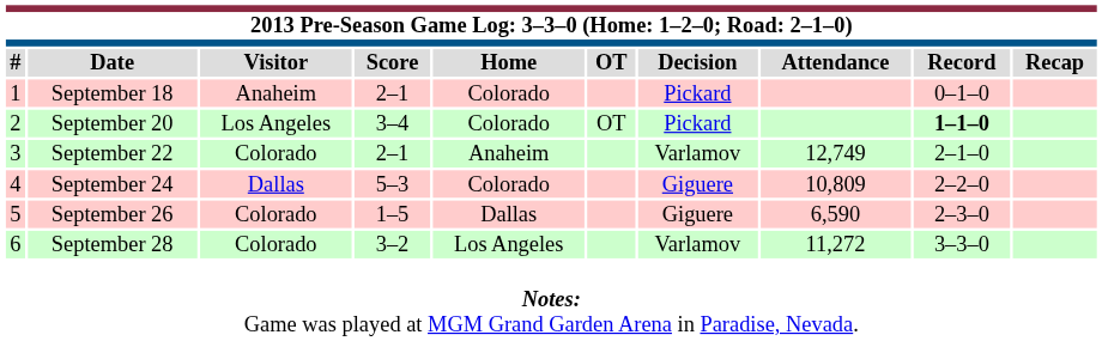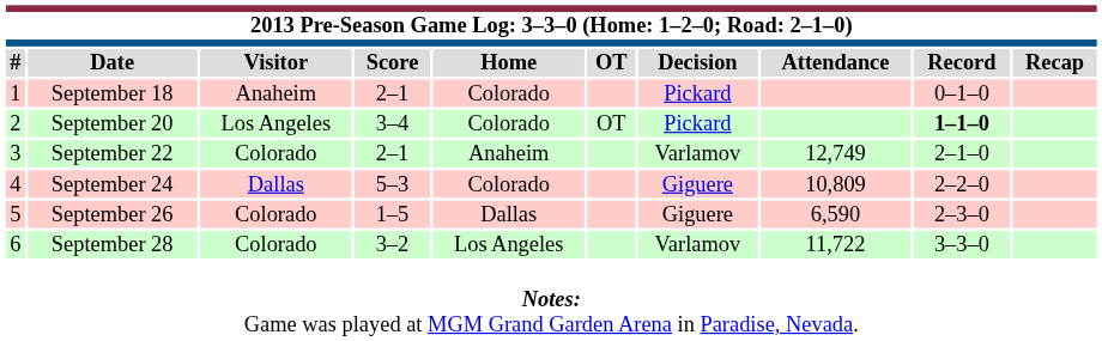 <table class="toccolours collapsible collapsed"  style="width:90%; clear:both; margin:1.5em auto; text-align:center;">
 <tr>
 <th colspan=10 style="background:#fff; border-top:#8B2942 5px solid; border-bottom:#01548A 5px solid;">2013 Pre-Season Game Log: 3–3–0 (Home: 1–2–0; Road: 2–1–0)</th>
 </tr>
 <tr style="text-align:center; background:#ddd;">
 <th>#</th>
 <th>Date</th>
 <th>Visitor</th>
 <th>Score</th>
 <th>Home</th>
 <th>OT</th>
 <th>Decision</th>
 <th>Attendance</th>
 <th>Record</th>
 <th>Recap</th>
 </tr>
 <tr style="text-align:center; background:#fcc;">
 <td>1</td>
 <td>September 18</td>
 <td>Anaheim</td>
 <td>2–1</td>
 <td>Colorado</td>
 <td></td>
 <td><a href='#'>Pickard</a></td>
 <td></td>
 <td>0–1–0</td>
 <td></td>
 </tr>
 <tr style="text-align:center; background:#cfc;">
 <td>2</td>
 <td>September 20</td>
 <td>Los Angeles</td>
 <td>3–4</td>
 <td>Colorado</td>
 <td>OT</td>
 <td><a href='#'>Pickard</a></td>
 <td></td>
 <td><strong>1–1–0</strong></td>
 <td></td>
 </tr>
 <tr style="text-align:center; background:#cfc;">
 <td>3</td>
 <td>September 22</td>
 <td>Colorado</td>
 <td>2–1</td>
 <td>Anaheim</td>
 <td></td>
 <td>Varlamov</td>
 <td>12,749</td>
 <td>2–1–0</td>
 <td></td>
 </tr>
 <tr style="text-align:center; background:#fcc;">
 <td>4</td>
 <td>September 24</td>
 <td><a href='#'>Dallas</a></td>
 <td>5–3</td>
 <td>Colorado</td>
 <td></td>
 <td><a href='#'>Giguere</a></td>
 <td>10,809</td>
 <td>2–2–0</td>
 <td></td>
 </tr>
 <tr style="text-align:center; background:#fcc;">
 <td>5</td>
 <td>September 26</td>
 <td>Colorado</td>
 <td>1–5</td>
 <td>Dallas</td>
 <td></td>
 <td>Giguere</td>
 <td>6,590</td>
 <td>2–3–0</td>
 <td></td>
 </tr>
 <tr style="text-align:center; background:#cfc;">
 <td>6</td>
 <td>September 28</td>
 <td>Colorado</td>
 <td>3–2</td>
 <td>Los Angeles</td>
 <td></td>
 <td>Varlamov</td>
-<td>11,272</td>
+<td>11,722</td>
 <td>3–3–0</td>
 <td></td>
 </tr>
 <tr>
 <td colspan="10" style="text-align:center;"><br><strong><em>Notes:</em></strong><br> Game was played at <a href='#'>MGM Grand Garden Arena</a> in <a href='#'>Paradise, Nevada</a>.</td>
 </tr>
 </table>
